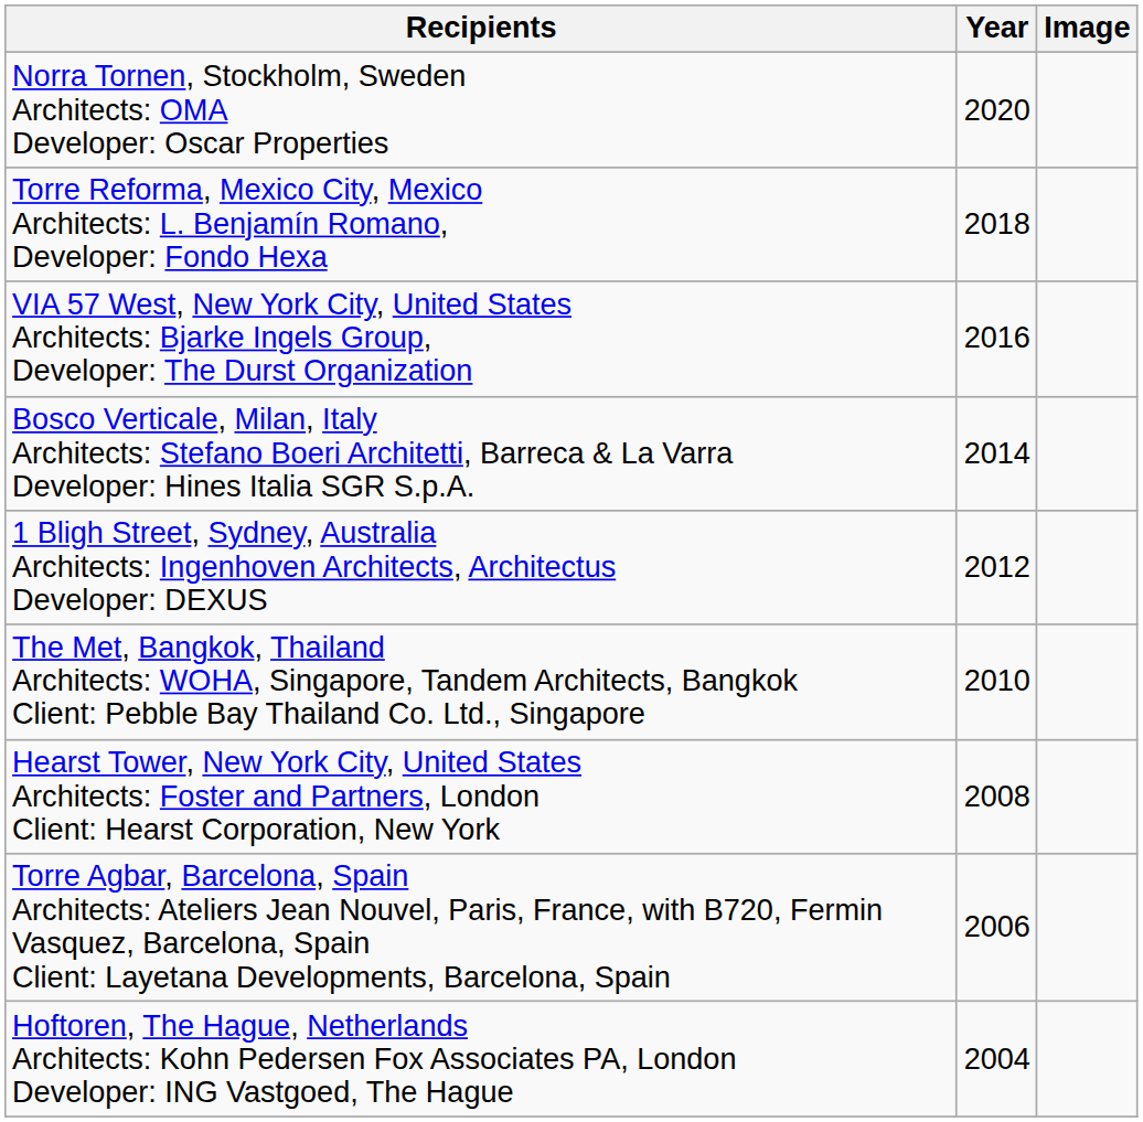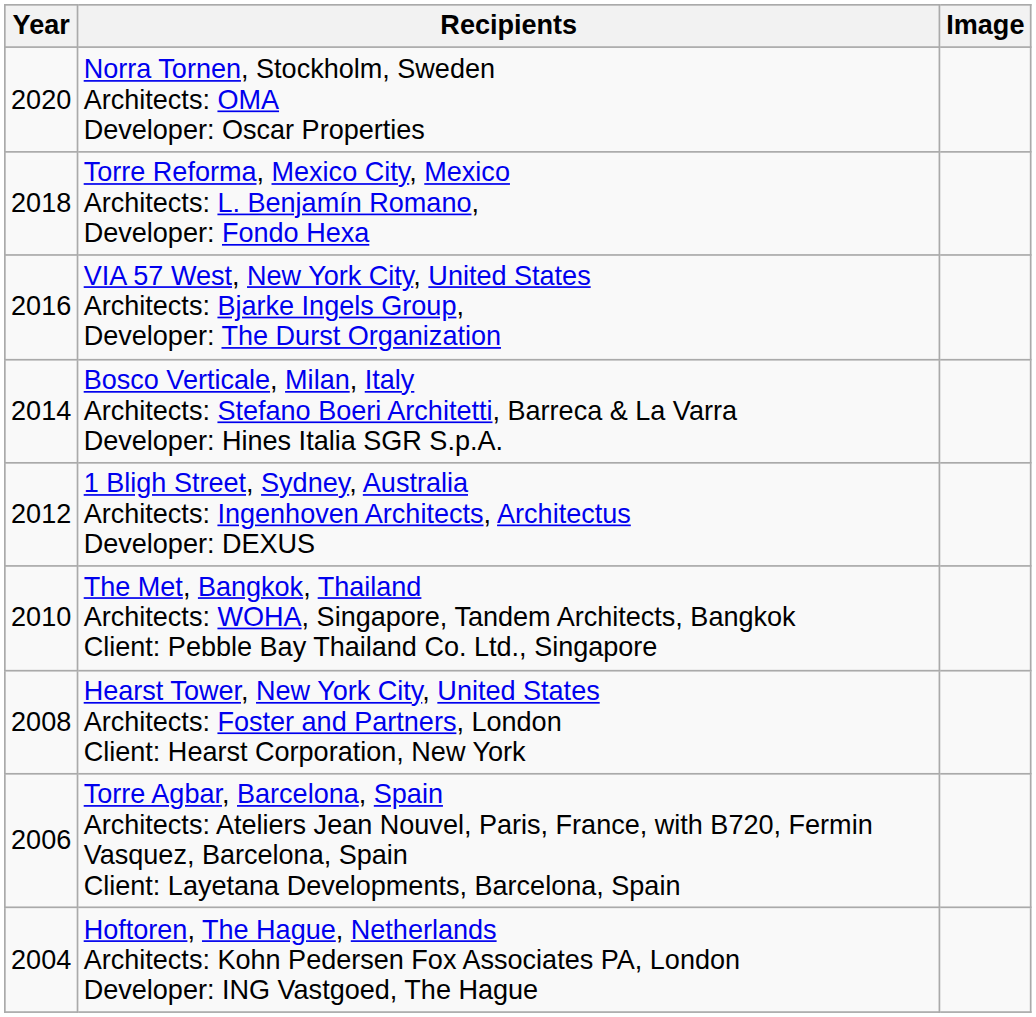 <table class="wikitable sortable">
 <tr>
+<th>Year</th>
 <th>Recipients</th>
-<th>Year</th>
 <th>Image</th>
 </tr>
 <tr>
+<td>2020</td>
 <td><a href='#'>Norra Tornen</a>, Stockholm, Sweden<br>Architects: <a href='#'>OMA</a><br>Developer: Oscar Properties</td>
-<td>2020</td>
 <td></td>
 </tr>
 <tr>
+<td>2018</td>
 <td><a href='#'>Torre Reforma</a>, <a href='#'>Mexico City</a>, <a href='#'>Mexico</a><br>Architects: <a href='#'>L. Benjamín Romano</a>, <br>Developer: <a href='#'>Fondo Hexa</a></td>
-<td>2018</td>
 <td></td>
 </tr>
 <tr>
+<td>2016</td>
 <td><a href='#'>VIA 57 West</a>, <a href='#'>New York City</a>, <a href='#'>United States</a><br>Architects: <a href='#'>Bjarke Ingels Group</a>, <br>Developer: <a href='#'>The Durst Organization</a></td>
-<td>2016</td>
 <td></td>
 </tr>
 <tr>
+<td>2014</td>
 <td><a href='#'>Bosco Verticale</a>, <a href='#'>Milan</a>, <a href='#'>Italy</a><br>Architects: <a href='#'>Stefano Boeri Architetti</a>, Barreca & La Varra<br>Developer: Hines Italia SGR S.p.A.</td>
-<td>2014</td>
 <td></td>
 </tr>
 <tr>
+<td>2012</td>
 <td><a href='#'>1 Bligh Street</a>, <a href='#'>Sydney</a>, <a href='#'>Australia</a><br>Architects: <a href='#'>Ingenhoven Architects</a>, <a href='#'>Architectus</a><br>Developer: DEXUS</td>
-<td>2012</td>
 <td></td>
 </tr>
 <tr>
+<td>2010</td>
 <td><a href='#'>The Met</a>, <a href='#'>Bangkok</a>, <a href='#'>Thailand</a><br>Architects: <a href='#'>WOHA</a>, Singapore, Tandem Architects, Bangkok<br>Client: Pebble Bay Thailand Co. Ltd., Singapore</td>
-<td>2010</td>
 <td></td>
 </tr>
 <tr>
+<td>2008</td>
 <td><a href='#'>Hearst Tower</a>, <a href='#'>New York City</a>, <a href='#'>United States</a><br> Architects: <a href='#'>Foster and Partners</a>, London<br> Client: Hearst Corporation, New York</td>
-<td>2008</td>
 <td></td>
 </tr>
 <tr>
+<td>2006</td>
 <td><a href='#'>Torre Agbar</a>, <a href='#'>Barcelona</a>, <a href='#'>Spain</a><br>Architects: Ateliers Jean Nouvel, Paris, France, with B720, Fermin Vasquez, Barcelona, Spain<br>Client: Layetana Developments, Barcelona, Spain</td>
-<td>2006</td>
 <td></td>
 </tr>
 <tr>
+<td>2004</td>
 <td><a href='#'>Hoftoren</a>, <a href='#'>The Hague</a>, <a href='#'>Netherlands</a><br>Architects: Kohn Pedersen Fox Associates PA, London <br>Developer: ING Vastgoed, The Hague</td>
-<td>2004</td>
 <td></td>
 </tr>
 </table>
